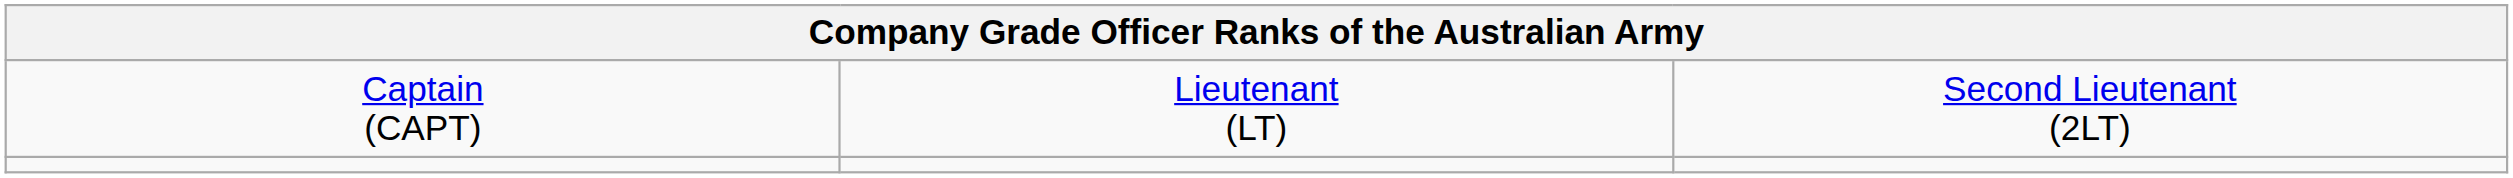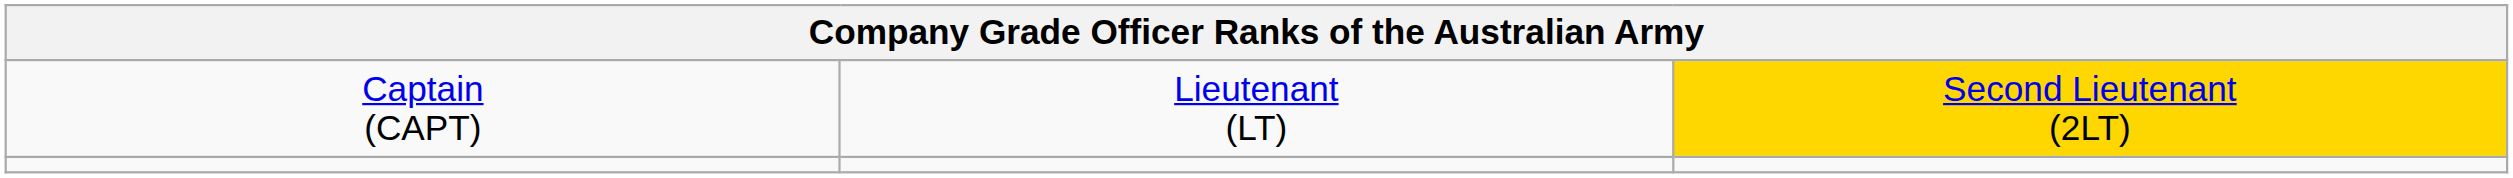 <table class="wikitable"  style="margin:0.2em auto; width:90%;">
 <tr>
 <th colspan=3>Company Grade Officer Ranks of the Australian Army</th>
 </tr>
 <tr align=center>
 <td width="33%"><a href='#'>Captain</a><br>(CAPT)</td>
 <td width="33%"><a href='#'>Lieutenant</a><br>(LT)</td>
-<td width="33%"><a href='#'>Second Lieutenant</a><br>(2LT)</td>
+<td width="33%" style="background: gold;"><a href='#'>Second Lieutenant</a><br>(2LT)</td>
 </tr>
 <tr style="text-align:center;">
 <td></td>
 <td></td>
 <td></td>
 </tr>
 </table>
